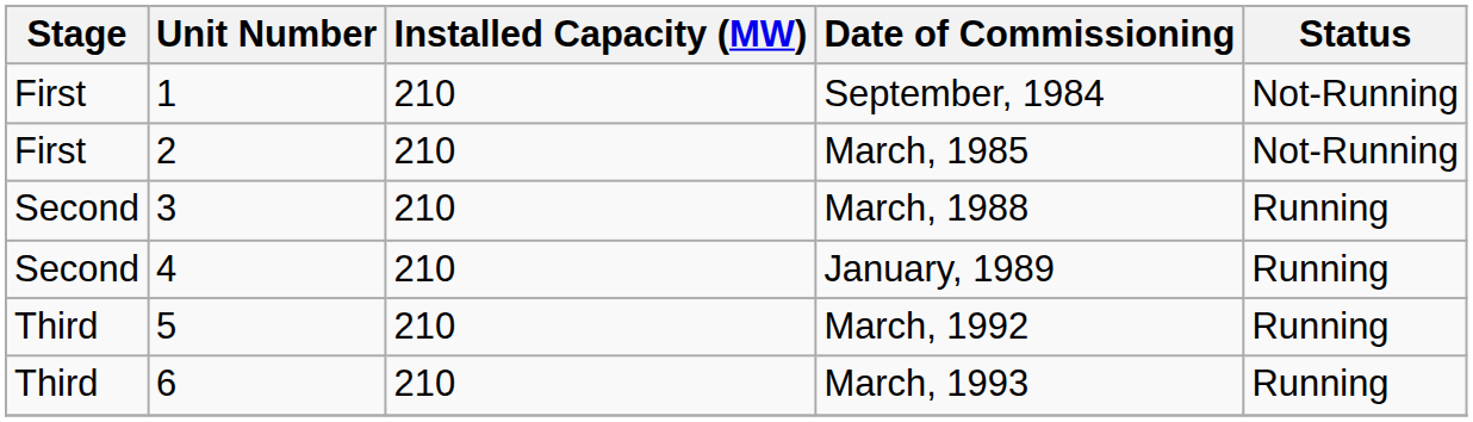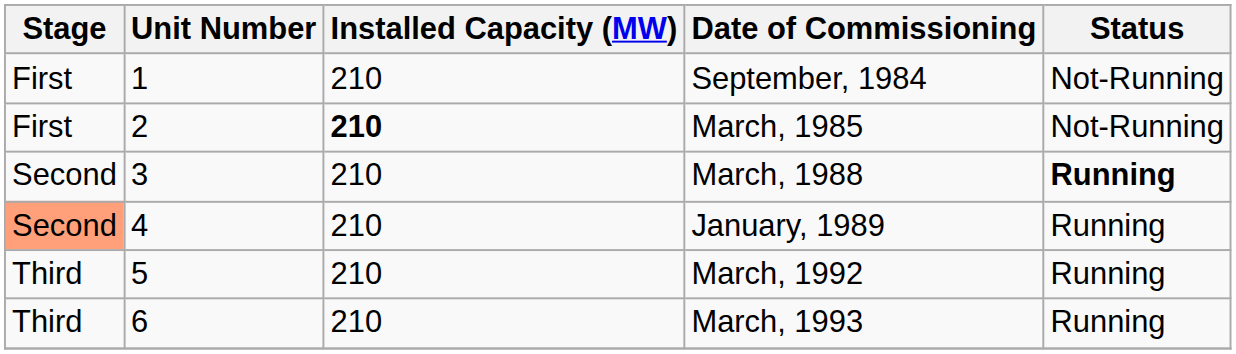 <table class="sortable wikitable">
 <tr>
 <th>Stage</th>
 <th>Unit Number</th>
 <th>Installed Capacity (<a href='#'>MW</a>)</th>
 <th>Date of Commissioning</th>
 <th>Status</th>
 </tr>
 <tr>
 <td>First</td>
 <td>1</td>
 <td>210</td>
 <td>September, 1984</td>
 <td>Not-Running</td>
 </tr>
 <tr>
 <td>First</td>
 <td>2</td>
-<td>210</td>
+<td><strong>210</strong></td>
 <td>March, 1985</td>
 <td>Not-Running</td>
 </tr>
 <tr>
 <td>Second</td>
 <td>3</td>
 <td>210</td>
 <td>March, 1988</td>
-<td>Running</td>
+<td><strong>Running</strong></td>
 </tr>
 <tr>
-<td>Second</td>
+<td style="background: lightsalmon;">Second</td>
 <td>4</td>
 <td>210</td>
 <td>January, 1989</td>
 <td>Running</td>
 </tr>
 <tr>
 <td>Third</td>
 <td>5</td>
 <td>210</td>
 <td>March, 1992</td>
 <td>Running</td>
 </tr>
 <tr>
 <td>Third</td>
 <td>6</td>
 <td>210</td>
 <td>March, 1993</td>
 <td>Running</td>
 </tr>
 <tr>
 </tr>
 </table>
